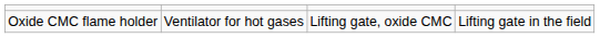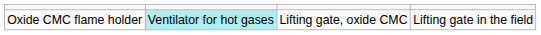 <table class="wikitable" style="text-align:center">
 <tr>
 <td></td>
 <td></td>
 <td></td>
 <td></td>
 </tr>
 <tr>
 <td>Oxide CMC flame holder</td>
-<td>Ventilator for hot gases</td>
+<td style="background: paleturquoise;">Ventilator for hot gases</td>
 <td>Lifting gate, oxide CMC</td>
 <td>Lifting gate in the field</td>
 </tr>
 </table>
